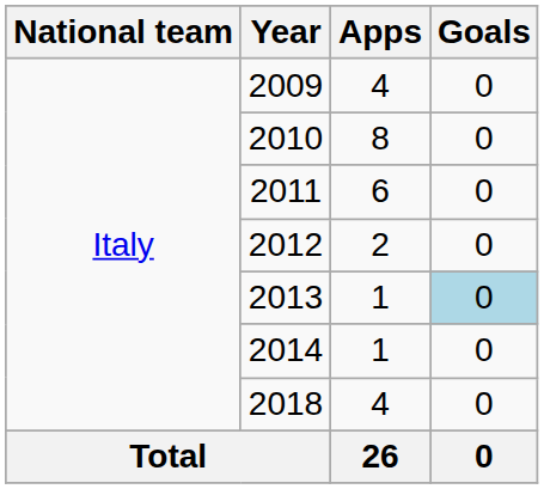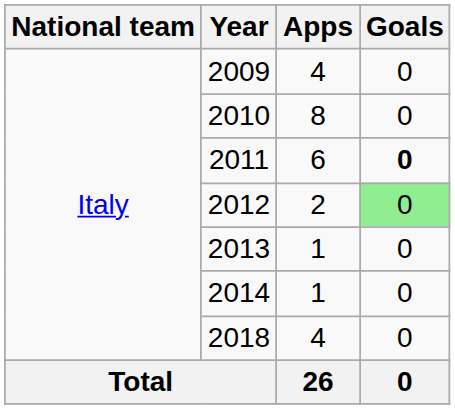 <table class="wikitable" style="text-align:center">
 <tr>
 <th>National team</th>
 <th>Year</th>
 <th>Apps</th>
 <th>Goals</th>
 </tr>
 <tr>
 <td rowspan="7"><a href='#'>Italy</a></td>
 <td>2009</td>
 <td>4</td>
 <td>0</td>
 </tr>
 <tr>
 <td>2010</td>
 <td>8</td>
 <td>0</td>
 </tr>
 <tr>
 <td>2011</td>
 <td>6</td>
-<td>0</td>
+<td><strong>0</strong></td>
 </tr>
 <tr>
 <td>2012</td>
 <td>2</td>
-<td>0</td>
+<td style="background: lightgreen;">0</td>
 </tr>
 <tr>
 <td>2013</td>
 <td>1</td>
-<td style="background: lightblue;">0</td>
+<td>0</td>
 </tr>
 <tr>
 <td>2014</td>
 <td>1</td>
 <td>0</td>
 </tr>
 <tr>
 <td>2018</td>
 <td>4</td>
 <td>0</td>
 </tr>
 <tr>
 <th colspan="2">Total</th>
 <th>26</th>
 <th>0</th>
 </tr>
 </table>
